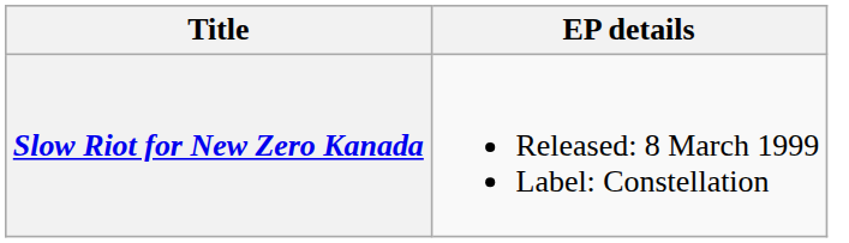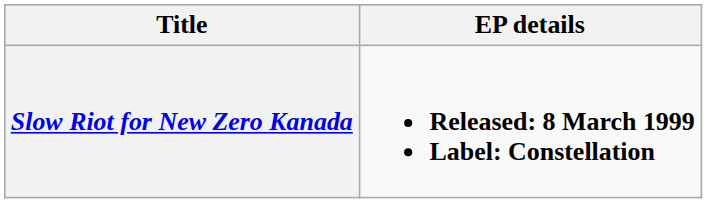 <table class="wikitable plainrowheaders">
 <tr>
 <th>Title</th>
 <th>EP details</th>
 </tr>
 <tr>
 <th scope="row"><em><a href='#'>Slow Riot for New Zero Kanada</a></em></th>
-<td><br><ul><li>Released: 8 March 1999</li><li>Label: Constellation</li></ul></td>
+<td><strong><br><ul><li>Released: 8 March 1999</li><li>Label: Constellation</li></ul></strong></td>
 </tr>
 </table>
